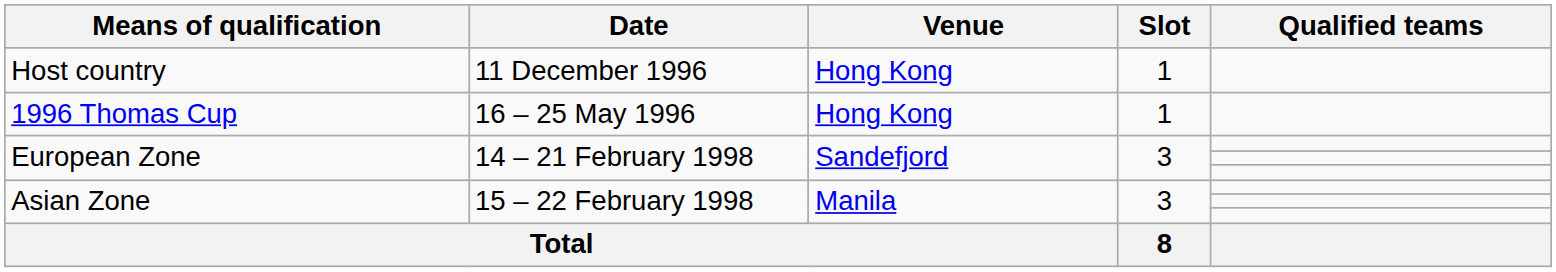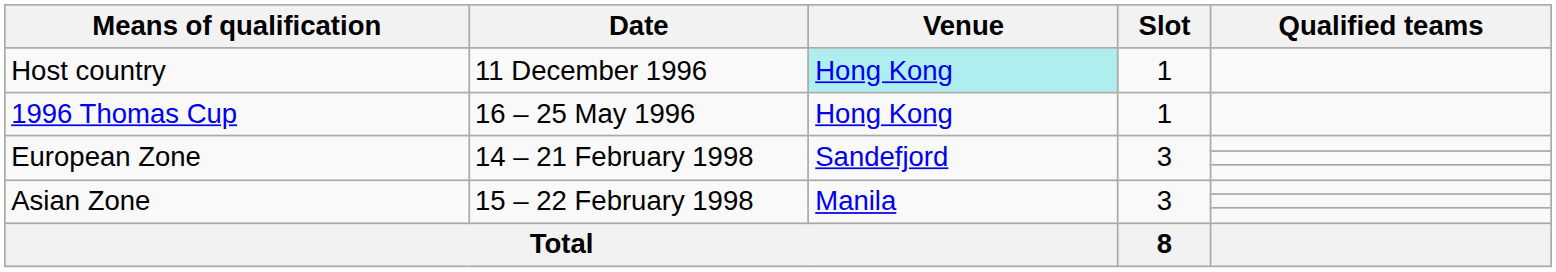 <table class="wikitable" width="900">
 <tr>
 <th width="30%">Means of qualification</th>
 <th width="22%">Date</th>
 <th width="20%">Venue</th>
 <th width="6%">Slot</th>
 <th width="22%">Qualified teams</th>
 </tr>
 <tr>
 <td>Host country</td>
 <td>11 December 1996</td>
-<td><a href='#'>Hong Kong</a></td>
+<td style="background: paleturquoise;"><a href='#'>Hong Kong</a></td>
 <td align="center">1</td>
 <td></td>
 </tr>
 <tr>
 <td><a href='#'>1996 Thomas Cup</a></td>
 <td>16 – 25 May 1996</td>
 <td><a href='#'>Hong Kong</a></td>
 <td align="center">1</td>
 <td></td>
 </tr>
 <tr>
 <td rowspan="3">European Zone</td>
 <td rowspan="3">14 – 21 February 1998</td>
 <td rowspan="3"><a href='#'>Sandefjord</a></td>
 <td rowspan="3" align="center">3</td>
 <td></td>
 </tr>
 <tr>
 <td></td>
 </tr>
 <tr>
 <td></td>
 </tr>
 <tr>
 <td rowspan="3">Asian Zone</td>
 <td rowspan="3">15 – 22 February 1998</td>
 <td rowspan="3"><a href='#'>Manila</a></td>
 <td rowspan="3" align="center">3</td>
 <td></td>
 </tr>
 <tr>
 <td></td>
 </tr>
 <tr>
 <td></td>
 </tr>
 <tr>
 <th colspan="3">Total</th>
 <th>8</th>
 <th></th>
 </tr>
 </table>
